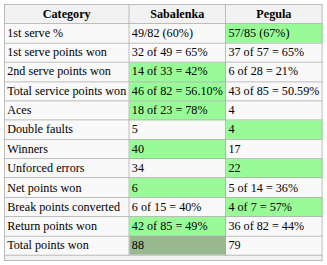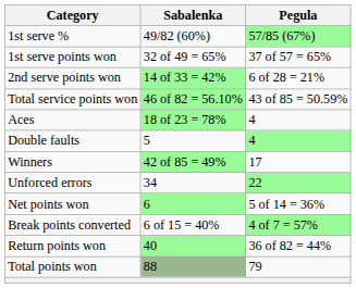 <table class="wikitable">
 <tr>
 <th>Category</th>
 <th> Sabalenka</th>
 <th> Pegula</th>
 </tr>
 <tr>
 <td>1st serve %</td>
 <td>49/82 (60%)</td>
 <td bgcolor=98FB98>57/85 (67%)</td>
 </tr>
 <tr>
 <td>1st serve points won</td>
 <td>32 of 49 = 65%</td>
 <td>37 of 57 = 65%</td>
 </tr>
 <tr>
 <td>2nd serve points won</td>
 <td bgcolor=98FB98>14 of 33 = 42%</td>
 <td>6 of 28 = 21%</td>
 </tr>
 <tr>
 <td>Total service points won</td>
 <td bgcolor=98FB98>46 of 82 = 56.10%</td>
 <td>43 of 85 = 50.59%</td>
 </tr>
 <tr>
 <td>Aces</td>
 <td bgcolor=98FB98>18 of 23 = 78%</td>
 <td>4</td>
 </tr>
 <tr>
 <td>Double faults</td>
 <td>5</td>
 <td bgcolor=98FB98>4</td>
 </tr>
 <tr>
 <td>Winners</td>
-<td bgcolor=98FB98>40</td>
+<td bgcolor=98FB98>42 of 85 = 49%</td>
 <td>17</td>
 </tr>
 <tr>
 <td>Unforced errors</td>
 <td>34</td>
 <td bgcolor=98FB98>22</td>
 </tr>
 <tr>
 <td>Net points won</td>
 <td bgcolor=98FB98>6</td>
 <td>5 of 14 = 36%</td>
 </tr>
 <tr>
 <td>Break points converted</td>
 <td>6 of 15 = 40%</td>
 <td bgcolor=98FB98>4 of 7 = 57%</td>
 </tr>
 <tr>
 <td>Return points won</td>
-<td bgcolor=98FB98>42 of 85 = 49%</td>
+<td bgcolor=98FB98>40</td>
 <td>36 of 82 = 44%</td>
 </tr>
 <tr>
 <td>Total points won</td>
 <td bgcolor=98FB989>88</td>
 <td>79</td>
 </tr>
 <tr>
 <th colspan=3></th>
 </tr>
 </table>
